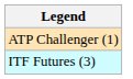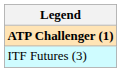 <table class=wikitable style=font-size:97%>
 <tr>
 <th>Legend</th>
 </tr>
 <tr bgcolor=moccasin>
-<td>ATP Challenger (1)</td>
+<td><strong>ATP Challenger (1)</strong></td>
 </tr>
 <tr bgcolor=cffcff>
 <td>ITF Futures (3)</td>
 </tr>
 </table>
